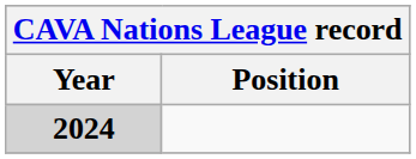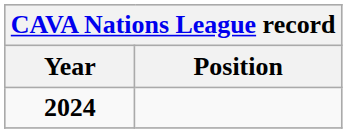 <table class="wikitable" style="text-align: center;">
 <tr>
 <th colspan=6><a href='#'>CAVA Nations League</a> record</th>
 </tr>
 <tr>
 <th>Year</th>
 <th>Position</th>
 </tr>
 <tr>
-<td style="background: lightgrey;"> <strong>2024</strong></td>
+<td> <strong>2024</strong></td>
 <td><strong></strong></td>
 </tr>
 </table>
